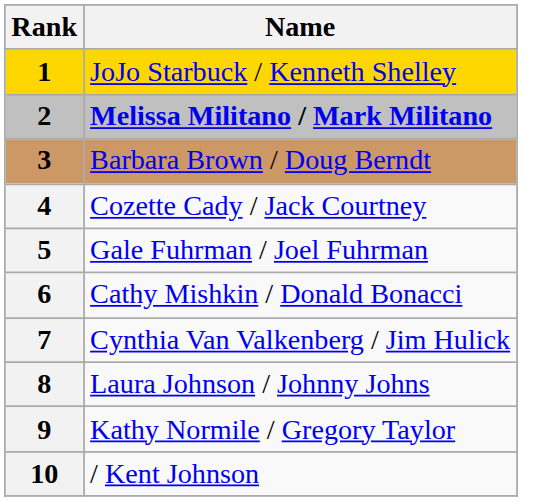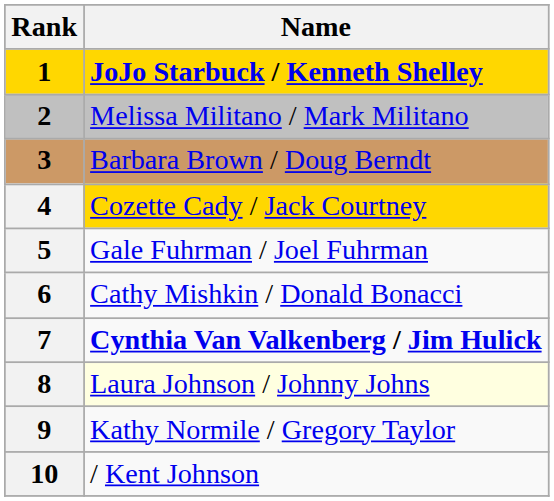 <table class="wikitable">
 <tr>
 <th>Rank</th>
 <th>Name</th>
 </tr>
 <tr bgcolor="gold">
 <td align="center"><strong>1</strong></td>
-<td><a href='#'>JoJo Starbuck</a> / <a href='#'>Kenneth Shelley</a></td>
+<td><strong><a href='#'>JoJo Starbuck</a> / <a href='#'>Kenneth Shelley</a></strong></td>
 </tr>
 <tr bgcolor="silver">
 <td align="center"><strong>2</strong></td>
-<td><strong><a href='#'>Melissa Militano</a> / <a href='#'>Mark Militano</a></strong></td>
+<td><a href='#'>Melissa Militano</a> / <a href='#'>Mark Militano</a></td>
 </tr>
 <tr bgcolor="cc9966">
 <td align="center"><strong>3</strong></td>
 <td><a href='#'>Barbara Brown</a> / <a href='#'>Doug Berndt</a></td>
 </tr>
 <tr>
 <th>4</th>
-<td><a href='#'>Cozette Cady</a> / <a href='#'>Jack Courtney</a></td>
+<td style="background: gold;"><a href='#'>Cozette Cady</a> / <a href='#'>Jack Courtney</a></td>
 </tr>
 <tr>
 <th>5</th>
 <td><a href='#'>Gale Fuhrman</a> / <a href='#'>Joel Fuhrman</a></td>
 </tr>
 <tr>
 <th>6</th>
 <td><a href='#'>Cathy Mishkin</a> / <a href='#'>Donald Bonacci</a></td>
 </tr>
 <tr>
 <th>7</th>
-<td><a href='#'>Cynthia Van Valkenberg</a> / <a href='#'>Jim Hulick</a></td>
+<td><strong><a href='#'>Cynthia Van Valkenberg</a> / <a href='#'>Jim Hulick</a></strong></td>
 </tr>
 <tr>
 <th>8</th>
-<td><a href='#'>Laura Johnson</a> / <a href='#'>Johnny Johns</a></td>
+<td style="background: lightyellow;"><a href='#'>Laura Johnson</a> / <a href='#'>Johnny Johns</a></td>
 </tr>
 <tr>
 <th>9</th>
 <td><a href='#'>Kathy Normile</a> / <a href='#'>Gregory Taylor</a></td>
 </tr>
 <tr>
 <th>10</th>
 <td>/ <a href='#'>Kent Johnson</a></td>
 </tr>
 </table>
